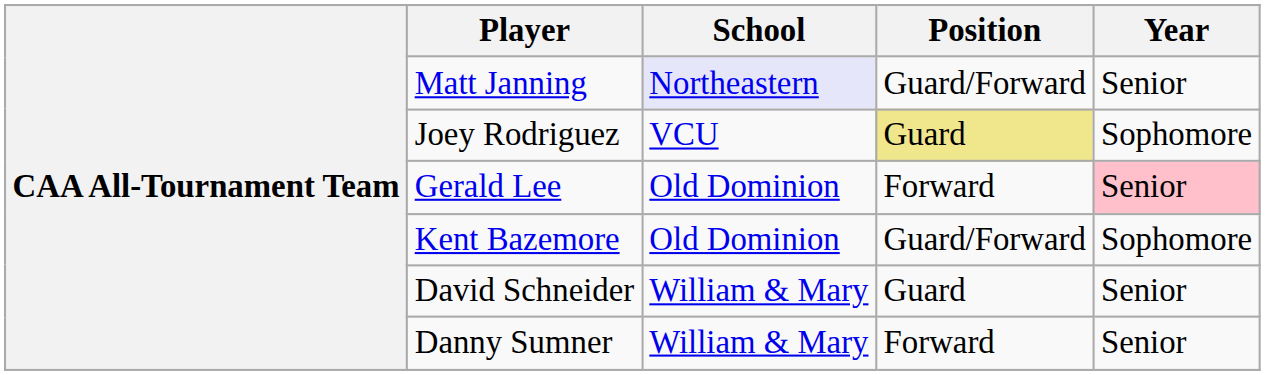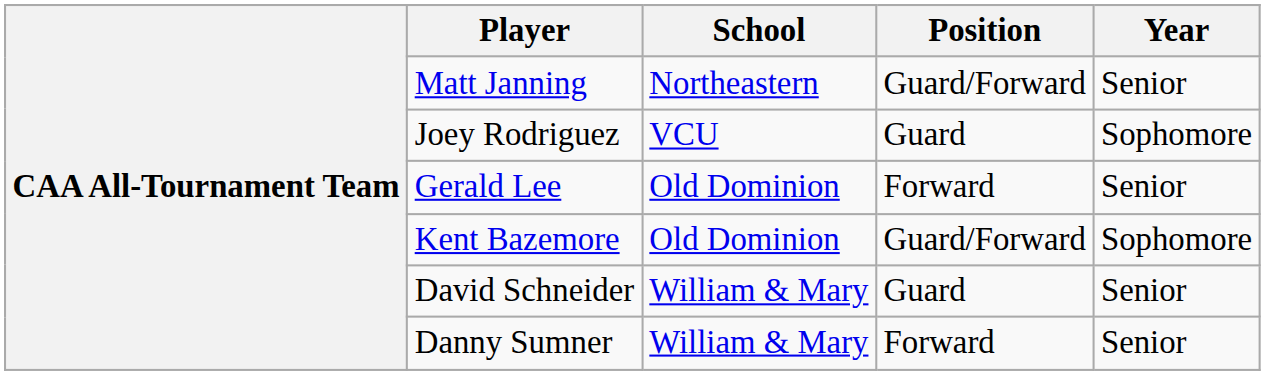 <table class="wikitable">
 <tr>
 <th rowspan="7" style="vertical-align:middle;">CAA All-Tournament Team</th>
 <th>Player</th>
 <th>School</th>
 <th>Position</th>
 <th>Year</th>
 </tr>
 <tr>
 <td><a href='#'>Matt Janning</a></td>
-<td style="background: lavender;"><a href='#'>Northeastern</a></td>
+<td><a href='#'>Northeastern</a></td>
 <td>Guard/Forward</td>
 <td>Senior</td>
 </tr>
 <tr>
 <td>Joey Rodriguez</td>
 <td><a href='#'>VCU</a></td>
-<td style="background: khaki;">Guard</td>
+<td>Guard</td>
 <td>Sophomore</td>
 </tr>
 <tr>
 <td><a href='#'>Gerald Lee</a></td>
 <td><a href='#'>Old Dominion</a></td>
 <td>Forward</td>
-<td style="background: pink;">Senior</td>
+<td>Senior</td>
 </tr>
 <tr>
 <td><a href='#'>Kent Bazemore</a></td>
 <td><a href='#'>Old Dominion</a></td>
 <td>Guard/Forward</td>
 <td>Sophomore</td>
 </tr>
 <tr>
 <td>David Schneider</td>
 <td><a href='#'>William & Mary</a></td>
 <td>Guard</td>
 <td>Senior</td>
 </tr>
 <tr>
 <td>Danny Sumner</td>
 <td><a href='#'>William & Mary</a></td>
 <td>Forward</td>
 <td>Senior</td>
 </tr>
 </table>
